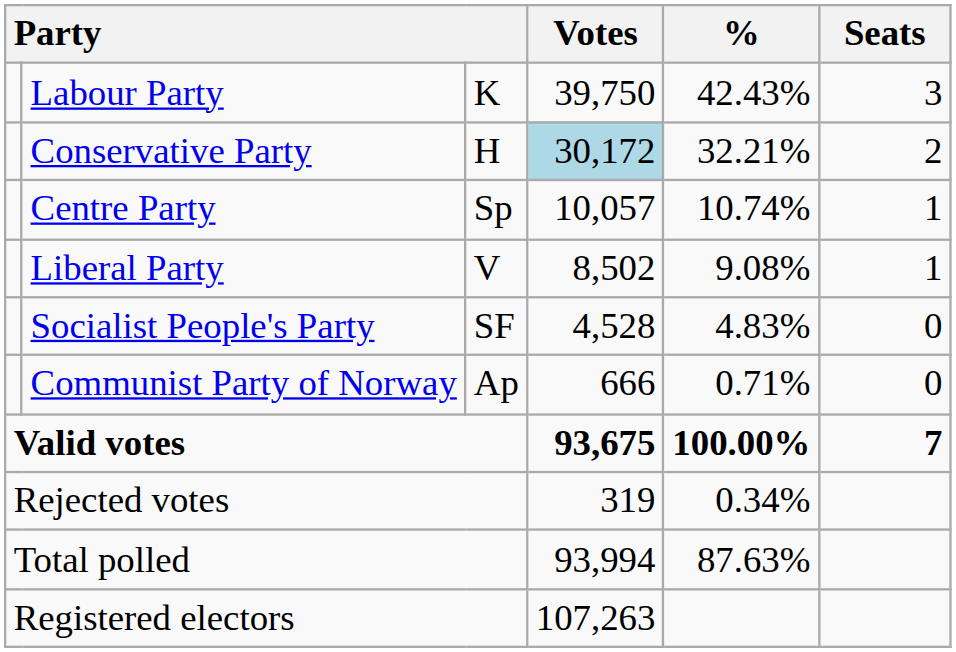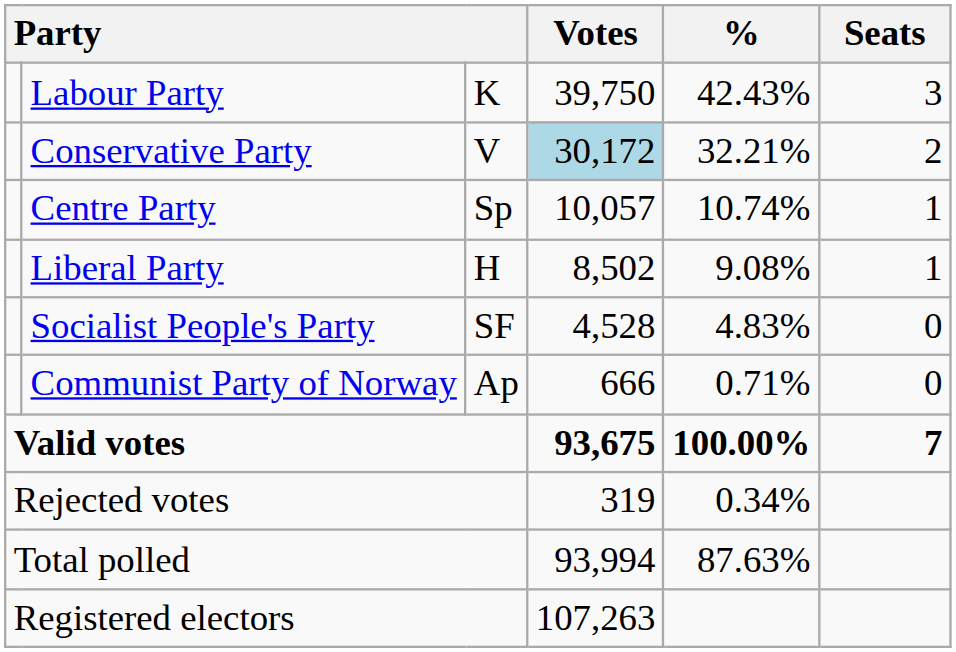 <table class="wikitable" border="1" style="text-align:right;">
 <tr>
 <th style="text-align:left;" colspan=3>Party</th>
 <th align=center width="50">Votes</th>
 <th align=center width="50">%</th>
 <th align=center width="50">Seats</th>
 </tr>
 <tr>
 <td style="color:inherit;background:"></td>
 <td align=left><a href='#'>Labour Party</a></td>
 <td align=left>K</td>
 <td>39,750</td>
 <td>42.43%</td>
 <td>3</td>
 </tr>
 <tr>
 <td style="color:inherit;background:"></td>
 <td align=left><a href='#'>Conservative Party</a></td>
-<td align=left>H</td>
+<td align=left>V</td>
 <td style="background: lightblue;">30,172</td>
 <td>32.21%</td>
 <td>2</td>
 </tr>
 <tr>
 <td style="color:inherit;background:"></td>
 <td align=left><a href='#'>Centre Party</a></td>
 <td align=left>Sp</td>
 <td>10,057</td>
 <td>10.74%</td>
 <td>1</td>
 </tr>
 <tr>
 <td style="color:inherit;background:"></td>
 <td align=left><a href='#'>Liberal Party</a></td>
-<td align=left>V</td>
+<td align=left>H</td>
 <td>8,502</td>
 <td>9.08%</td>
 <td>1</td>
 </tr>
 <tr>
 <td style="color:inherit;background:"></td>
 <td align=left><a href='#'>Socialist People's Party</a></td>
 <td align=left>SF</td>
 <td>4,528</td>
 <td>4.83%</td>
 <td>0</td>
 </tr>
 <tr>
 <td style="color:inherit;background:"></td>
 <td align=left><a href='#'>Communist Party of Norway</a></td>
 <td align=left>Ap</td>
 <td>666</td>
 <td>0.71%</td>
 <td>0</td>
 </tr>
 <tr style="font-weight:bold">
 <td align=left colspan=3>Valid votes</td>
 <td>93,675</td>
 <td>100.00%</td>
 <td>7</td>
 </tr>
 <tr>
 <td align=left colspan=3>Rejected votes</td>
 <td>319</td>
 <td>0.34%</td>
 <td></td>
 </tr>
 <tr>
 <td align=left colspan=3>Total polled</td>
 <td>93,994</td>
 <td>87.63%</td>
 <td></td>
 </tr>
 <tr>
 <td align=left colspan=3>Registered electors</td>
 <td>107,263</td>
 <td></td>
 <td></td>
 </tr>
 </table>
